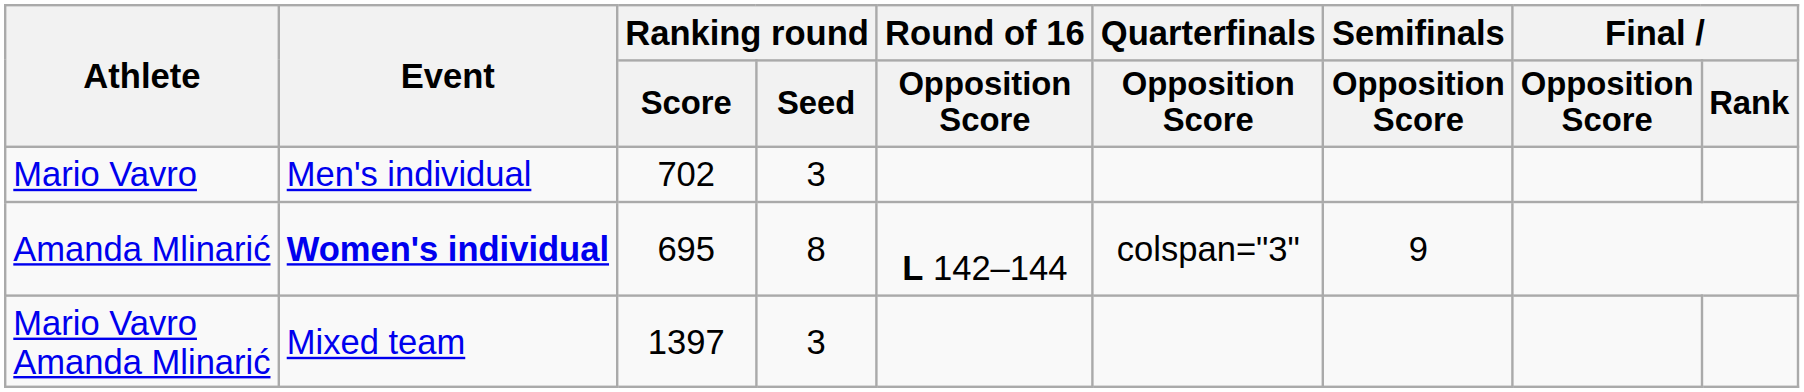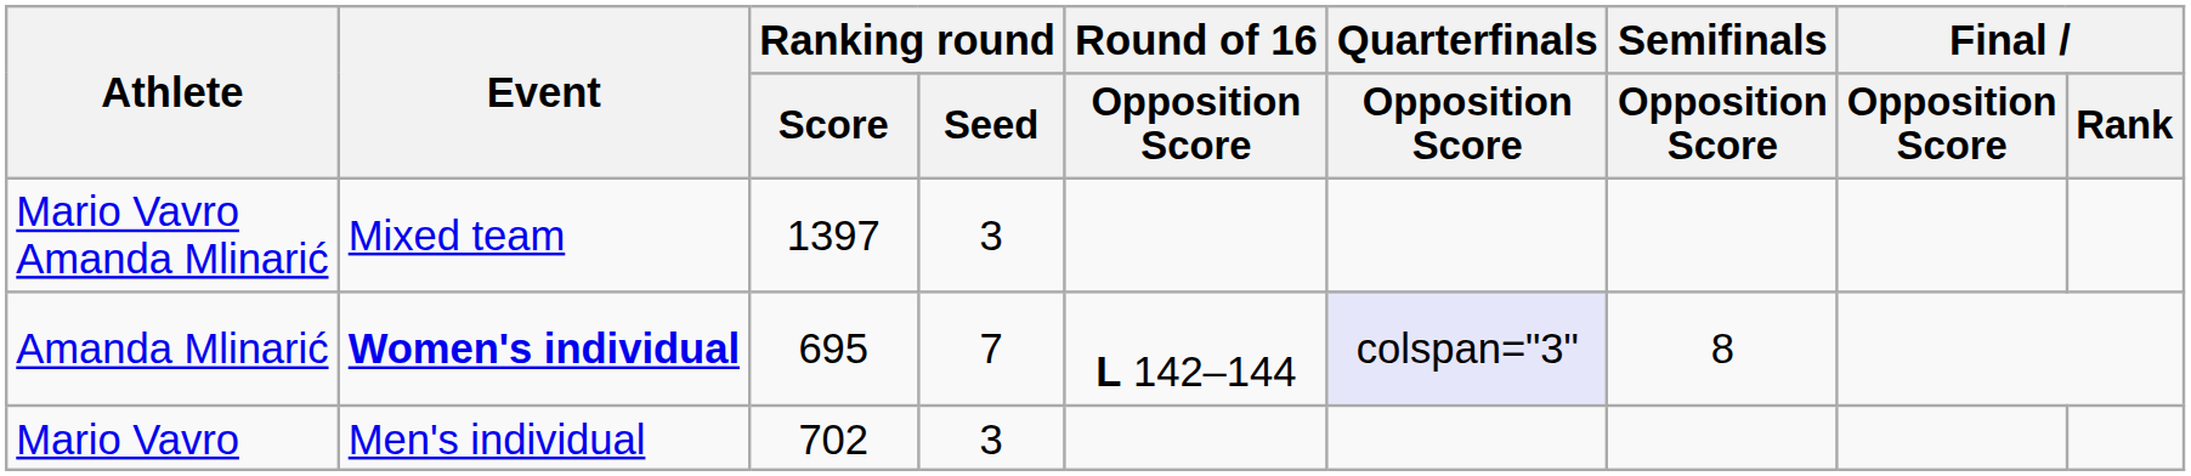 <table class="wikitable" style="text-align:center; font-size:90%">
 <tr>
 <th rowspan="2">Athlete</th>
 <th rowspan="2">Event</th>
 <th colspan="2">Ranking round</th>
 <th>Round of 16</th>
 <th>Quarterfinals</th>
 <th>Semifinals</th>
 <th colspan="2">Final / </th>
 </tr>
 <tr style="font-size:95%">
 <th>Score</th>
 <th>Seed</th>
 <th>Opposition<br>Score</th>
 <th>Opposition<br>Score</th>
 <th>Opposition<br>Score</th>
 <th>Opposition<br>Score</th>
 <th>Rank</th>
 </tr>
 <tr>
+<td align="left"><a href='#'>Mario Vavro</a><br><a href='#'>Amanda Mlinarić</a></td>
+<td align="left"><a href='#'>Mixed team</a></td>
+<td>1397</td>
+<td>3</td>
+<td></td>
+<td><br></td>
+<td></td>
+<td></td>
+<td></td>
+</tr>
+<tr>
+<td align="left"><a href='#'>Amanda Mlinarić</a></td>
+<td align="left"><strong><a href='#'>Women's individual</a></strong></td>
+<td>695</td>
+<td>7</td>
+<td><br><strong>L</strong> 142–144</td>
+<td style="background: lavender;">colspan="3" </td>
+<td>8</td>
+</tr>
+<tr>
 <td align="left"><a href='#'>Mario Vavro</a></td>
 <td align="left"><a href='#'>Men's individual</a></td>
 <td>702</td>
 <td>3</td>
 <td><br></td>
 <td></td>
 <td></td>
 <td></td>
 <td></td>
 </tr>
-<tr>
-<td align="left"><a href='#'>Amanda Mlinarić</a></td>
-<td align="left"><strong><a href='#'>Women's individual</a></strong></td>
-<td>695</td>
-<td>8</td>
-<td><br><strong>L</strong> 142–144</td>
-<td>colspan="3" </td>
-<td>9</td>
-</tr>
-<tr>
-<td align="left"><a href='#'>Mario Vavro</a><br><a href='#'>Amanda Mlinarić</a></td>
-<td align="left"><a href='#'>Mixed team</a></td>
-<td>1397</td>
-<td>3</td>
-<td></td>
-<td><br></td>
-<td></td>
-<td></td>
-<td></td>
-</tr>
 </table>
